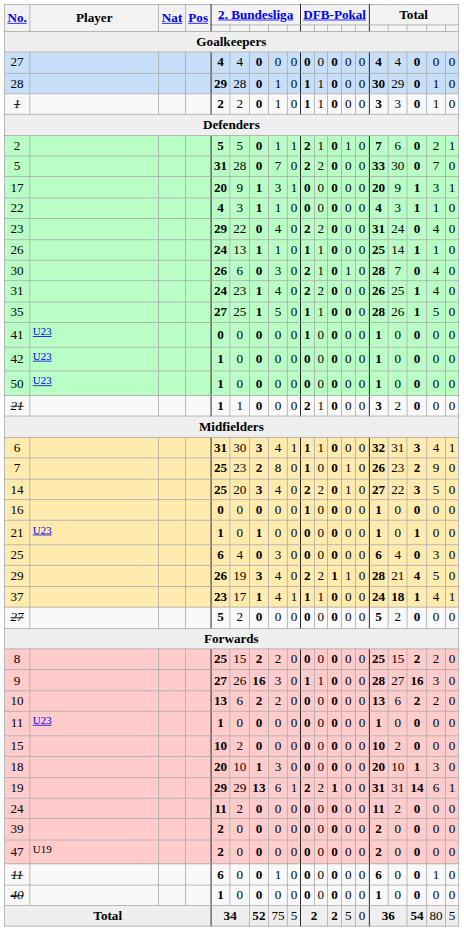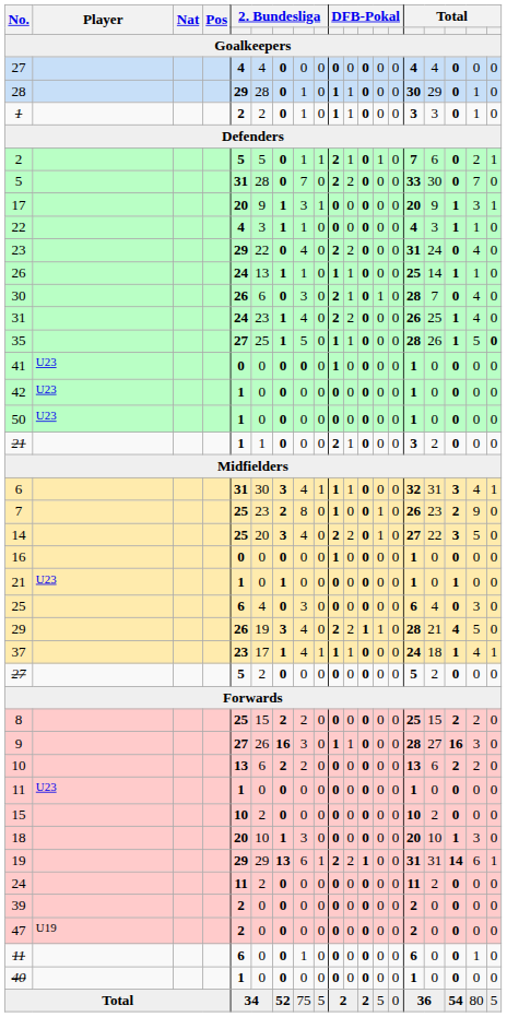 <table class="wikitable sortable nowrap" style=text-align:center>
 <tr>
 <th rowspan="2"><a href='#'>No.</a></th>
 <th rowspan="2" width=150>Player</th>
 <th rowspan="2"><a href='#'>Nat</a></th>
 <th rowspan="2" style="border-right: 1pt black solid"><a href='#'>Pos</a></th>
 <th colspan="5" style="border-right: 1pt black solid"><a href='#'>2. Bundesliga</a></th>
 <th colspan="5" style="border-right: 1pt black solid"><a href='#'>DFB-Pokal</a></th>
 <th colspan="5">Total</th>
 </tr>
 <tr>
 <th></th>
 <th></th>
 <th></th>
 <th></th>
 <th style="border-right: 1pt black solid"></th>
 <th></th>
 <th></th>
 <th></th>
 <th></th>
 <th style="border-right: 1pt black solid"></th>
 <th></th>
 <th></th>
 <th></th>
 <th></th>
 <th></th>
 </tr>
 <tr class="sortbottom">
 <td colspan="19" style=background:#efefef;><strong>Goalkeepers</strong></td>
 </tr>
 <tr style="background:#c7dff8">
 <td>27</td>
 <td align="left"></td>
 <td></td>
 <td style="border-right: 1pt black solid"></td>
 <td><strong>4</strong></td>
 <td>4</td>
 <td><strong>0</strong></td>
 <td>0</td>
 <td style="border-right: 1pt black solid">0</td>
 <td><strong>0</strong></td>
 <td>0</td>
 <td><strong>0</strong></td>
 <td>0</td>
 <td style="border-right: 1pt black solid">0</td>
 <td><strong>4</strong></td>
 <td>4</td>
 <td><strong>0</strong></td>
 <td>0</td>
 <td>0</td>
 </tr>
 <tr style="background:#c7dff8">
 <td>28</td>
 <td align="left"></td>
 <td></td>
 <td style="border-right: 1pt black solid"></td>
 <td><strong>29</strong></td>
 <td>28</td>
 <td><strong>0</strong></td>
 <td>1</td>
 <td style="border-right: 1pt black solid">0</td>
 <td><strong>1</strong></td>
 <td>1</td>
 <td><strong>0</strong></td>
 <td>0</td>
 <td style="border-right: 1pt black solid">0</td>
 <td><strong>30</strong></td>
 <td>29</td>
 <td><strong>0</strong></td>
 <td>1</td>
 <td>0</td>
 </tr>
 <tr>
 <td><s><em>1</em></s></td>
 <td align="left"></td>
 <td></td>
 <td style="border-right: 1pt black solid"></td>
 <td><strong>2</strong></td>
 <td>2</td>
 <td><strong>0</strong></td>
 <td>1</td>
 <td style="border-right: 1pt black solid">0</td>
 <td><strong>1</strong></td>
 <td>1</td>
 <td><strong>0</strong></td>
 <td>0</td>
 <td style="border-right: 1pt black solid">0</td>
 <td><strong>3</strong></td>
 <td>3</td>
 <td><strong>0</strong></td>
 <td>1</td>
 <td>0</td>
 </tr>
 <tr class="sortbottom">
 <td colspan="19" style=background:#efefef;><strong>Defenders</strong></td>
 </tr>
 <tr style="background:#b9ffc5">
 <td>2</td>
 <td align="left"></td>
 <td></td>
 <td style="border-right: 1pt black solid"></td>
 <td><strong>5</strong></td>
 <td>5</td>
 <td><strong>0</strong></td>
 <td>1</td>
 <td style="border-right: 1pt black solid">1</td>
 <td><strong>2</strong></td>
 <td>1</td>
 <td><strong>0</strong></td>
 <td>1</td>
 <td style="border-right: 1pt black solid">0</td>
 <td><strong>7</strong></td>
 <td>6</td>
 <td><strong>0</strong></td>
 <td>2</td>
 <td>1</td>
 </tr>
 <tr style="background:#b9ffc5">
 <td>5</td>
 <td align="left"></td>
 <td></td>
 <td style="border-right: 1pt black solid"></td>
 <td><strong>31</strong></td>
 <td>28</td>
 <td><strong>0</strong></td>
 <td>7</td>
 <td style="border-right: 1pt black solid">0</td>
 <td><strong>2</strong></td>
 <td>2</td>
 <td><strong>0</strong></td>
 <td>0</td>
 <td style="border-right: 1pt black solid">0</td>
 <td><strong>33</strong></td>
 <td>30</td>
 <td><strong>0</strong></td>
 <td>7</td>
 <td>0</td>
 </tr>
 <tr style="background:#b9ffc5">
 <td>17</td>
 <td align="left"></td>
 <td></td>
 <td style="border-right: 1pt black solid"></td>
 <td><strong>20</strong></td>
 <td>9</td>
 <td><strong>1</strong></td>
 <td>3</td>
 <td style="border-right: 1pt black solid">1</td>
 <td><strong>0</strong></td>
 <td>0</td>
 <td><strong>0</strong></td>
 <td>0</td>
 <td style="border-right: 1pt black solid">0</td>
 <td><strong>20</strong></td>
 <td>9</td>
 <td><strong>1</strong></td>
 <td>3</td>
 <td>1</td>
 </tr>
 <tr style="background:#b9ffc5">
 <td>22</td>
 <td align="left"></td>
 <td></td>
 <td style="border-right: 1pt black solid"></td>
 <td><strong>4</strong></td>
 <td>3</td>
 <td><strong>1</strong></td>
 <td>1</td>
 <td style="border-right: 1pt black solid">0</td>
 <td><strong>0</strong></td>
 <td>0</td>
 <td><strong>0</strong></td>
 <td>0</td>
 <td style="border-right: 1pt black solid">0</td>
 <td><strong>4</strong></td>
 <td>3</td>
 <td><strong>1</strong></td>
 <td>1</td>
 <td>0</td>
 </tr>
 <tr style="background:#b9ffc5">
 <td>23</td>
 <td align="left"></td>
 <td></td>
 <td style="border-right: 1pt black solid"></td>
 <td><strong>29</strong></td>
 <td>22</td>
 <td><strong>0</strong></td>
 <td>4</td>
 <td style="border-right: 1pt black solid">0</td>
 <td><strong>2</strong></td>
 <td>2</td>
 <td><strong>0</strong></td>
 <td>0</td>
 <td style="border-right: 1pt black solid">0</td>
 <td><strong>31</strong></td>
 <td>24</td>
 <td><strong>0</strong></td>
 <td>4</td>
 <td>0</td>
 </tr>
 <tr style="background:#b9ffc5">
 <td>26</td>
 <td align="left"></td>
 <td></td>
 <td style="border-right: 1pt black solid"></td>
 <td><strong>24</strong></td>
 <td>13</td>
 <td><strong>1</strong></td>
 <td>1</td>
 <td style="border-right: 1pt black solid">0</td>
 <td><strong>1</strong></td>
 <td>1</td>
 <td><strong>0</strong></td>
 <td>0</td>
 <td style="border-right: 1pt black solid">0</td>
 <td><strong>25</strong></td>
 <td>14</td>
 <td><strong>1</strong></td>
 <td>1</td>
 <td>0</td>
 </tr>
 <tr style="background:#b9ffc5">
 <td>30</td>
 <td align="left"></td>
 <td></td>
 <td style="border-right: 1pt black solid"></td>
 <td><strong>26</strong></td>
 <td>6</td>
 <td><strong>0</strong></td>
 <td>3</td>
 <td style="border-right: 1pt black solid">0</td>
 <td><strong>2</strong></td>
 <td>1</td>
 <td><strong>0</strong></td>
 <td>1</td>
 <td style="border-right: 1pt black solid">0</td>
 <td><strong>28</strong></td>
 <td>7</td>
 <td><strong>0</strong></td>
 <td>4</td>
 <td>0</td>
 </tr>
 <tr style="background:#b9ffc5">
 <td>31</td>
 <td align="left"></td>
 <td></td>
 <td style="border-right: 1pt black solid"></td>
 <td><strong>24</strong></td>
 <td>23</td>
 <td><strong>1</strong></td>
 <td>4</td>
 <td style="border-right: 1pt black solid">0</td>
 <td><strong>2</strong></td>
 <td>2</td>
 <td><strong>0</strong></td>
 <td>0</td>
 <td style="border-right: 1pt black solid">0</td>
 <td><strong>26</strong></td>
 <td>25</td>
 <td><strong>1</strong></td>
 <td>4</td>
 <td>0</td>
 </tr>
 <tr style="background:#b9ffc5">
 <td>35</td>
 <td align="left"></td>
 <td></td>
 <td style="border-right: 1pt black solid"></td>
 <td><strong>27</strong></td>
 <td>25</td>
 <td><strong>1</strong></td>
 <td>5</td>
 <td style="border-right: 1pt black solid">0</td>
 <td><strong>1</strong></td>
 <td>1</td>
 <td><strong>0</strong></td>
-<td><strong>0</strong></td>
+<td>0</td>
 <td style="border-right: 1pt black solid">0</td>
 <td><strong>28</strong></td>
 <td>26</td>
 <td><strong>1</strong></td>
 <td>5</td>
-<td>0</td>
+<td><strong>0</strong></td>
 </tr>
 <tr style="background:#b9ffc5">
 <td>41</td>
 <td align="left"><sup> <a href='#'>U23</a></sup></td>
 <td></td>
 <td style="border-right: 1pt black solid"></td>
 <td><strong>0</strong></td>
 <td>0</td>
 <td><strong>0</strong></td>
-<td>0</td>
+<td><strong>0</strong></td>
 <td style="border-right: 1pt black solid">0</td>
 <td><strong>1</strong></td>
 <td>0</td>
 <td><strong>0</strong></td>
 <td>0</td>
 <td style="border-right: 1pt black solid">0</td>
 <td><strong>1</strong></td>
 <td>0</td>
 <td><strong>0</strong></td>
 <td>0</td>
 <td>0</td>
 </tr>
 <tr style="background:#b9ffc5">
 <td>42</td>
 <td align="left"><sup> <a href='#'>U23</a></sup></td>
 <td></td>
 <td style="border-right: 1pt black solid"></td>
 <td><strong>1</strong></td>
 <td>0</td>
 <td><strong>0</strong></td>
 <td>0</td>
 <td style="border-right: 1pt black solid">0</td>
 <td><strong>0</strong></td>
 <td>0</td>
 <td><strong>0</strong></td>
 <td>0</td>
 <td style="border-right: 1pt black solid">0</td>
 <td><strong>1</strong></td>
 <td>0</td>
 <td><strong>0</strong></td>
 <td>0</td>
 <td>0</td>
 </tr>
 <tr style="background:#b9ffc5">
 <td>50</td>
 <td align="left"><sup> <a href='#'>U23</a></sup></td>
 <td></td>
 <td style="border-right: 1pt black solid"></td>
 <td><strong>1</strong></td>
 <td>0</td>
 <td><strong>0</strong></td>
 <td>0</td>
 <td style="border-right: 1pt black solid">0</td>
 <td><strong>0</strong></td>
 <td>0</td>
 <td><strong>0</strong></td>
 <td>0</td>
 <td style="border-right: 1pt black solid">0</td>
 <td><strong>1</strong></td>
 <td>0</td>
 <td><strong>0</strong></td>
 <td>0</td>
 <td>0</td>
 </tr>
 <tr>
 <td><s><em>21</em></s></td>
 <td align="left"></td>
 <td></td>
 <td style="border-right: 1pt black solid"></td>
 <td><strong>1</strong></td>
 <td>1</td>
 <td><strong>0</strong></td>
 <td>0</td>
 <td style="border-right: 1pt black solid">0</td>
 <td><strong>2</strong></td>
 <td>1</td>
 <td><strong>0</strong></td>
 <td>0</td>
 <td style="border-right: 1pt black solid">0</td>
 <td><strong>3</strong></td>
 <td>2</td>
 <td><strong>0</strong></td>
 <td>0</td>
 <td>0</td>
 </tr>
 <tr class="sortbottom">
 <td colspan="19" style=background:#efefef;><strong>Midfielders</strong></td>
 </tr>
 <tr style="background:#ffebad">
 <td>6</td>
 <td align="left"></td>
 <td></td>
 <td style="border-right: 1pt black solid"></td>
 <td><strong>31</strong></td>
 <td>30</td>
 <td><strong>3</strong></td>
 <td>4</td>
 <td style="border-right: 1pt black solid">1</td>
 <td><strong>1</strong></td>
 <td>1</td>
 <td><strong>0</strong></td>
 <td>0</td>
 <td style="border-right: 1pt black solid">0</td>
 <td><strong>32</strong></td>
 <td>31</td>
 <td><strong>3</strong></td>
 <td>4</td>
 <td>1</td>
 </tr>
 <tr style="background:#ffebad">
 <td>7</td>
 <td align="left"></td>
 <td></td>
 <td style="border-right: 1pt black solid"></td>
 <td><strong>25</strong></td>
 <td>23</td>
 <td><strong>2</strong></td>
 <td>8</td>
 <td style="border-right: 1pt black solid">0</td>
 <td><strong>1</strong></td>
 <td>0</td>
 <td><strong>0</strong></td>
 <td>1</td>
 <td style="border-right: 1pt black solid">0</td>
 <td><strong>26</strong></td>
 <td>23</td>
 <td><strong>2</strong></td>
 <td>9</td>
 <td>0</td>
 </tr>
 <tr style="background:#ffebad">
 <td>14</td>
 <td align="left"></td>
 <td></td>
 <td style="border-right: 1pt black solid"></td>
 <td><strong>25</strong></td>
 <td>20</td>
 <td><strong>3</strong></td>
 <td>4</td>
 <td style="border-right: 1pt black solid">0</td>
 <td><strong>2</strong></td>
 <td>2</td>
 <td><strong>0</strong></td>
 <td>1</td>
 <td style="border-right: 1pt black solid">0</td>
 <td><strong>27</strong></td>
 <td>22</td>
 <td><strong>3</strong></td>
 <td>5</td>
 <td>0</td>
 </tr>
 <tr style="background:#ffebad">
 <td>16</td>
 <td align="left"></td>
 <td></td>
 <td style="border-right: 1pt black solid"></td>
 <td><strong>0</strong></td>
 <td>0</td>
 <td><strong>0</strong></td>
 <td>0</td>
 <td style="border-right: 1pt black solid">0</td>
 <td><strong>1</strong></td>
 <td>0</td>
 <td><strong>0</strong></td>
 <td>0</td>
 <td style="border-right: 1pt black solid">0</td>
 <td><strong>1</strong></td>
 <td>0</td>
 <td><strong>0</strong></td>
 <td>0</td>
 <td>0</td>
 </tr>
 <tr style="background:#ffebad">
 <td>21</td>
 <td align="left"><sup> <a href='#'>U23</a></sup></td>
 <td></td>
 <td style="border-right: 1pt black solid"></td>
 <td><strong>1</strong></td>
 <td>0</td>
 <td><strong>1</strong></td>
 <td>0</td>
 <td style="border-right: 1pt black solid">0</td>
 <td><strong>0</strong></td>
 <td>0</td>
 <td><strong>0</strong></td>
 <td>0</td>
 <td style="border-right: 1pt black solid">0</td>
 <td><strong>1</strong></td>
 <td>0</td>
 <td><strong>1</strong></td>
 <td>0</td>
 <td>0</td>
 </tr>
 <tr style="background:#ffebad">
 <td>25</td>
 <td align="left"></td>
 <td></td>
 <td style="border-right: 1pt black solid"></td>
 <td><strong>6</strong></td>
 <td>4</td>
 <td><strong>0</strong></td>
 <td>3</td>
 <td style="border-right: 1pt black solid">0</td>
 <td><strong>0</strong></td>
 <td>0</td>
 <td><strong>0</strong></td>
 <td>0</td>
 <td style="border-right: 1pt black solid">0</td>
 <td><strong>6</strong></td>
 <td>4</td>
 <td><strong>0</strong></td>
 <td>3</td>
 <td>0</td>
 </tr>
 <tr style="background:#ffebad">
 <td>29</td>
 <td align="left"></td>
 <td></td>
 <td style="border-right: 1pt black solid"></td>
 <td><strong>26</strong></td>
 <td>19</td>
 <td><strong>3</strong></td>
 <td>4</td>
 <td style="border-right: 1pt black solid">0</td>
 <td><strong>2</strong></td>
 <td>2</td>
 <td><strong>1</strong></td>
 <td>1</td>
 <td style="border-right: 1pt black solid">0</td>
 <td><strong>28</strong></td>
 <td>21</td>
 <td><strong>4</strong></td>
 <td>5</td>
 <td>0</td>
 </tr>
 <tr style="background:#ffebad">
 <td>37</td>
 <td align="left"></td>
 <td></td>
 <td style="border-right: 1pt black solid"></td>
 <td><strong>23</strong></td>
 <td>17</td>
 <td><strong>1</strong></td>
 <td>4</td>
 <td style="border-right: 1pt black solid">1</td>
 <td><strong>1</strong></td>
 <td>1</td>
 <td><strong>0</strong></td>
 <td>0</td>
 <td style="border-right: 1pt black solid">0</td>
 <td><strong>24</strong></td>
-<td><strong>18</strong></td>
+<td>18</td>
 <td><strong>1</strong></td>
 <td>4</td>
 <td>1</td>
 </tr>
 <tr>
 <td><s><em>27</em></s></td>
 <td align="left"></td>
 <td></td>
 <td style="border-right: 1pt black solid"></td>
 <td><strong>5</strong></td>
 <td>2</td>
 <td><strong>0</strong></td>
 <td>0</td>
 <td style="border-right: 1pt black solid">0</td>
 <td><strong>0</strong></td>
 <td>0</td>
 <td><strong>0</strong></td>
 <td>0</td>
 <td style="border-right: 1pt black solid">0</td>
 <td><strong>5</strong></td>
 <td>2</td>
 <td><strong>0</strong></td>
 <td>0</td>
 <td>0</td>
 </tr>
 <tr class="sortbottom">
 <td colspan="19" style=background:#efefef;><strong>Forwards</strong></td>
 </tr>
 <tr style="background:#ffcbcb">
 <td>8</td>
 <td align="left"></td>
 <td></td>
 <td style="border-right: 1pt black solid"></td>
 <td><strong>25</strong></td>
 <td>15</td>
 <td><strong>2</strong></td>
 <td>2</td>
 <td style="border-right: 1pt black solid">0</td>
 <td><strong>0</strong></td>
 <td>0</td>
 <td><strong>0</strong></td>
 <td>0</td>
 <td style="border-right: 1pt black solid">0</td>
 <td><strong>25</strong></td>
 <td>15</td>
 <td><strong>2</strong></td>
 <td>2</td>
 <td>0</td>
 </tr>
 <tr style="background:#ffcbcb">
 <td>9</td>
 <td align="left"></td>
 <td></td>
 <td style="border-right: 1pt black solid"></td>
 <td><strong>27</strong></td>
 <td>26</td>
 <td><strong>16</strong></td>
 <td>3</td>
 <td style="border-right: 1pt black solid">0</td>
 <td><strong>1</strong></td>
 <td>1</td>
 <td><strong>0</strong></td>
 <td>0</td>
 <td style="border-right: 1pt black solid">0</td>
 <td><strong>28</strong></td>
 <td>27</td>
 <td><strong>16</strong></td>
 <td>3</td>
 <td>0</td>
 </tr>
 <tr style="background:#ffcbcb">
 <td>10</td>
 <td align="left"></td>
 <td></td>
 <td style="border-right: 1pt black solid"></td>
 <td><strong>13</strong></td>
 <td>6</td>
 <td><strong>2</strong></td>
 <td>2</td>
 <td style="border-right: 1pt black solid">0</td>
 <td><strong>0</strong></td>
 <td>0</td>
 <td><strong>0</strong></td>
 <td>0</td>
 <td style="border-right: 1pt black solid">0</td>
 <td><strong>13</strong></td>
 <td>6</td>
 <td><strong>2</strong></td>
 <td>2</td>
 <td>0</td>
 </tr>
 <tr style="background:#ffcbcb">
 <td>11</td>
 <td align="left"><sup> <a href='#'>U23</a></sup></td>
 <td></td>
 <td style="border-right: 1pt black solid"></td>
 <td><strong>1</strong></td>
 <td>0</td>
 <td><strong>0</strong></td>
 <td>0</td>
 <td style="border-right: 1pt black solid">0</td>
 <td><strong>0</strong></td>
 <td>0</td>
 <td><strong>0</strong></td>
 <td>0</td>
 <td style="border-right: 1pt black solid">0</td>
 <td><strong>1</strong></td>
 <td>0</td>
 <td><strong>0</strong></td>
 <td>0</td>
 <td>0</td>
 </tr>
 <tr style="background:#ffcbcb">
 <td>15</td>
 <td align="left"></td>
 <td></td>
 <td style="border-right: 1pt black solid"></td>
 <td><strong>10</strong></td>
 <td>2</td>
 <td><strong>0</strong></td>
 <td>0</td>
 <td style="border-right: 1pt black solid">0</td>
 <td><strong>0</strong></td>
 <td>0</td>
 <td><strong>0</strong></td>
 <td>0</td>
 <td style="border-right: 1pt black solid">0</td>
 <td><strong>10</strong></td>
 <td>2</td>
 <td><strong>0</strong></td>
 <td>0</td>
 <td>0</td>
 </tr>
 <tr style="background:#ffcbcb">
 <td>18</td>
 <td align="left"></td>
 <td></td>
 <td style="border-right: 1pt black solid"></td>
 <td><strong>20</strong></td>
 <td>10</td>
 <td><strong>1</strong></td>
 <td>3</td>
 <td style="border-right: 1pt black solid">0</td>
 <td><strong>0</strong></td>
 <td>0</td>
 <td><strong>0</strong></td>
 <td>0</td>
 <td style="border-right: 1pt black solid">0</td>
 <td><strong>20</strong></td>
 <td>10</td>
 <td><strong>1</strong></td>
 <td>3</td>
 <td>0</td>
 </tr>
 <tr style="background:#ffcbcb">
 <td>19</td>
 <td align="left"></td>
 <td></td>
 <td style="border-right: 1pt black solid"></td>
 <td><strong>29</strong></td>
 <td>29</td>
 <td><strong>13</strong></td>
 <td>6</td>
 <td style="border-right: 1pt black solid">1</td>
 <td><strong>2</strong></td>
 <td>2</td>
 <td><strong>1</strong></td>
 <td>0</td>
 <td style="border-right: 1pt black solid">0</td>
 <td><strong>31</strong></td>
 <td>31</td>
 <td><strong>14</strong></td>
 <td>6</td>
 <td>1</td>
 </tr>
 <tr style="background:#ffcbcb">
 <td>24</td>
 <td align="left"></td>
 <td></td>
 <td style="border-right: 1pt black solid"></td>
 <td><strong>11</strong></td>
 <td>2</td>
 <td><strong>0</strong></td>
 <td>0</td>
 <td style="border-right: 1pt black solid">0</td>
 <td><strong>0</strong></td>
 <td>0</td>
 <td><strong>0</strong></td>
 <td>0</td>
 <td style="border-right: 1pt black solid">0</td>
 <td><strong>11</strong></td>
 <td>2</td>
 <td><strong>0</strong></td>
 <td>0</td>
 <td>0</td>
 </tr>
 <tr style="background:#ffcbcb">
 <td>39</td>
 <td align="left"></td>
 <td></td>
 <td style="border-right: 1pt black solid"></td>
 <td><strong>2</strong></td>
 <td>0</td>
 <td><strong>0</strong></td>
 <td>0</td>
 <td style="border-right: 1pt black solid">0</td>
 <td><strong>0</strong></td>
 <td>0</td>
 <td><strong>0</strong></td>
 <td>0</td>
 <td style="border-right: 1pt black solid">0</td>
 <td><strong>2</strong></td>
 <td>0</td>
 <td><strong>0</strong></td>
 <td>0</td>
 <td>0</td>
 </tr>
 <tr style="background:#ffcbcb">
 <td>47</td>
 <td align="left"><sup> U19</sup></td>
 <td></td>
 <td style="border-right: 1pt black solid"></td>
 <td><strong>2</strong></td>
 <td>0</td>
 <td><strong>0</strong></td>
 <td>0</td>
 <td style="border-right: 1pt black solid">0</td>
 <td><strong>0</strong></td>
 <td>0</td>
 <td><strong>0</strong></td>
 <td>0</td>
 <td style="border-right: 1pt black solid">0</td>
 <td><strong>2</strong></td>
 <td>0</td>
 <td><strong>0</strong></td>
 <td>0</td>
 <td>0</td>
 </tr>
 <tr>
 <td><s><em>11</em></s></td>
 <td align="left"></td>
 <td></td>
 <td style="border-right: 1pt black solid"></td>
 <td><strong>6</strong></td>
 <td>0</td>
 <td><strong>0</strong></td>
 <td>1</td>
 <td style="border-right: 1pt black solid">0</td>
 <td><strong>0</strong></td>
 <td>0</td>
 <td><strong>0</strong></td>
 <td>0</td>
 <td style="border-right: 1pt black solid">0</td>
 <td><strong>6</strong></td>
 <td>0</td>
 <td><strong>0</strong></td>
 <td>1</td>
 <td>0</td>
 </tr>
 <tr>
 <td><s><em>40</em></s></td>
 <td align="left"></td>
 <td></td>
 <td style="border-right: 1pt black solid"></td>
 <td><strong>1</strong></td>
 <td>0</td>
 <td><strong>0</strong></td>
 <td>0</td>
 <td style="border-right: 1pt black solid">0</td>
 <td><strong>0</strong></td>
 <td>0</td>
 <td><strong>0</strong></td>
 <td>0</td>
 <td style="border-right: 1pt black solid">0</td>
 <td><strong>1</strong></td>
 <td>0</td>
 <td><strong>0</strong></td>
 <td>0</td>
 <td>0</td>
 </tr>
 <tr class="sortbottom" style="background:#efefef">
 <td colspan="4" style="border-right: 1pt black solid"><strong>Total</strong></td>
 <td colspan="2"><strong>34</strong></td>
 <td><strong>52</strong></td>
 <td>75</td>
 <td style="border-right: 1pt black solid">5</td>
 <td colspan="2"><strong>2</strong></td>
 <td><strong>2</strong></td>
 <td>5</td>
 <td style="border-right: 1pt black solid">0</td>
 <td colspan="2"><strong>36</strong></td>
 <td><strong>54</strong></td>
 <td>80</td>
 <td>5</td>
 </tr>
 </table>
